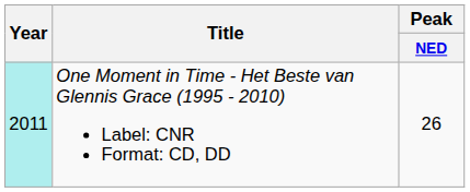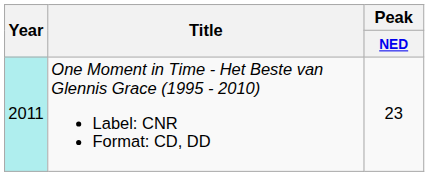 <table class="wikitable">
 <tr>
 <th align="center" rowspan="2" width="10">Year</th>
 <th align="center" rowspan="2" width="300">Title</th>
 <th align="center" colspan="1" width="50">Peak</th>
 </tr>
 <tr>
 <th width="50"><small><a href='#'>NED</a></small></th>
 </tr>
 <tr>
 <td align="center" style="background: paleturquoise;">2011</td>
 <td><em>One Moment in Time - Het Beste van Glennis Grace (1995 - 2010)</em><br><ul><li>Label: CNR</li><li>Format: CD, DD</li></ul></td>
-<td align="center">26</td>
+<td align="center">23</td>
 </tr>
 </table>
